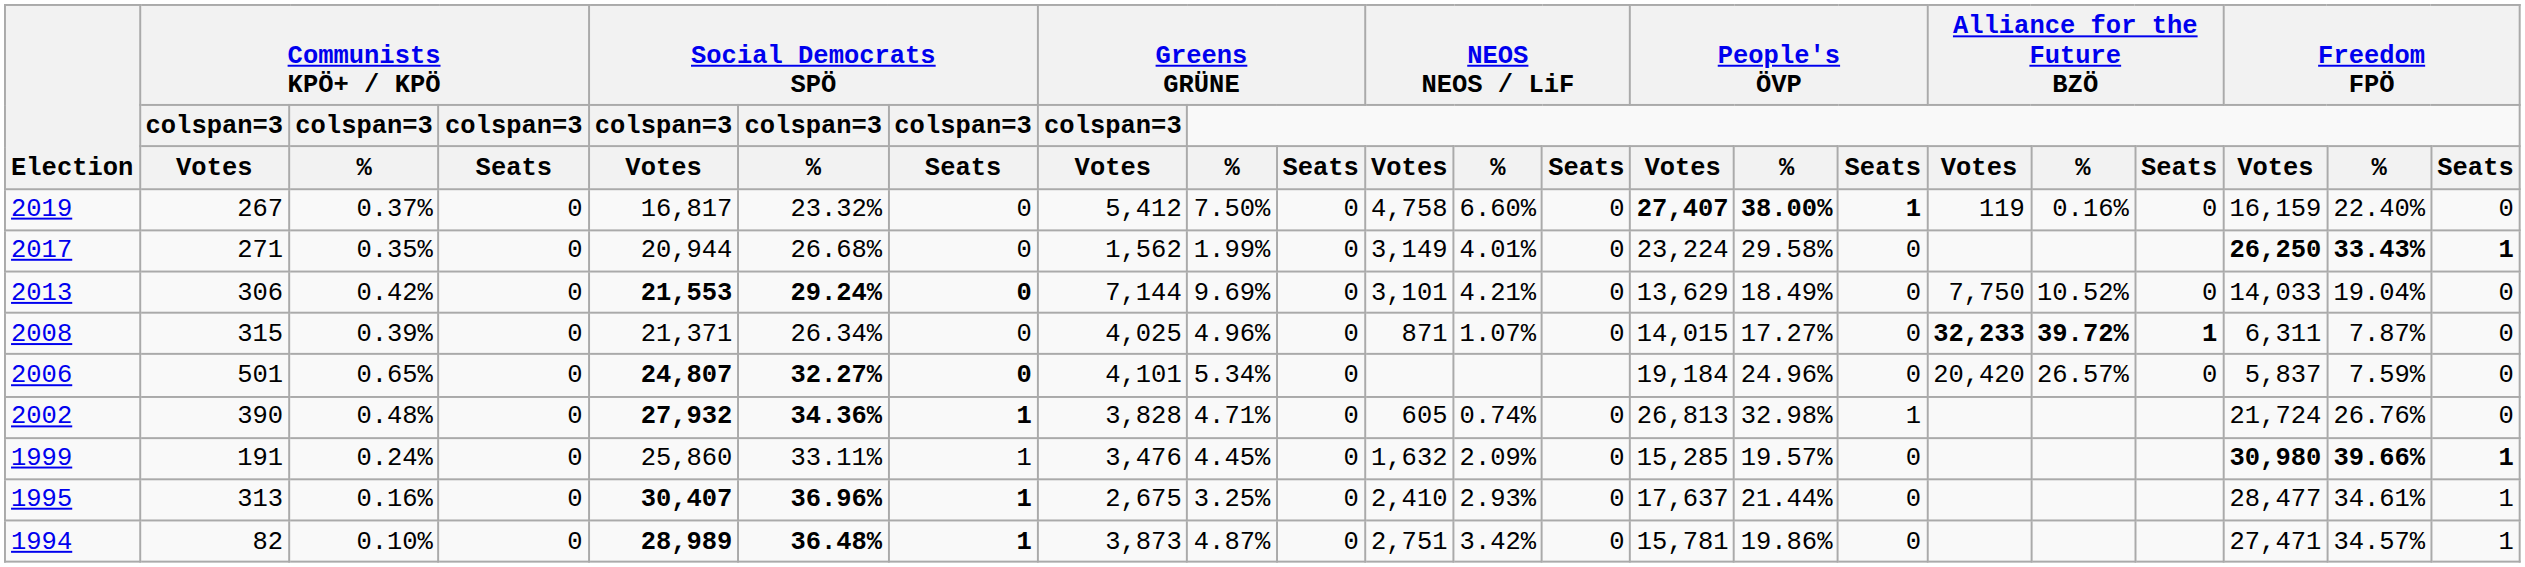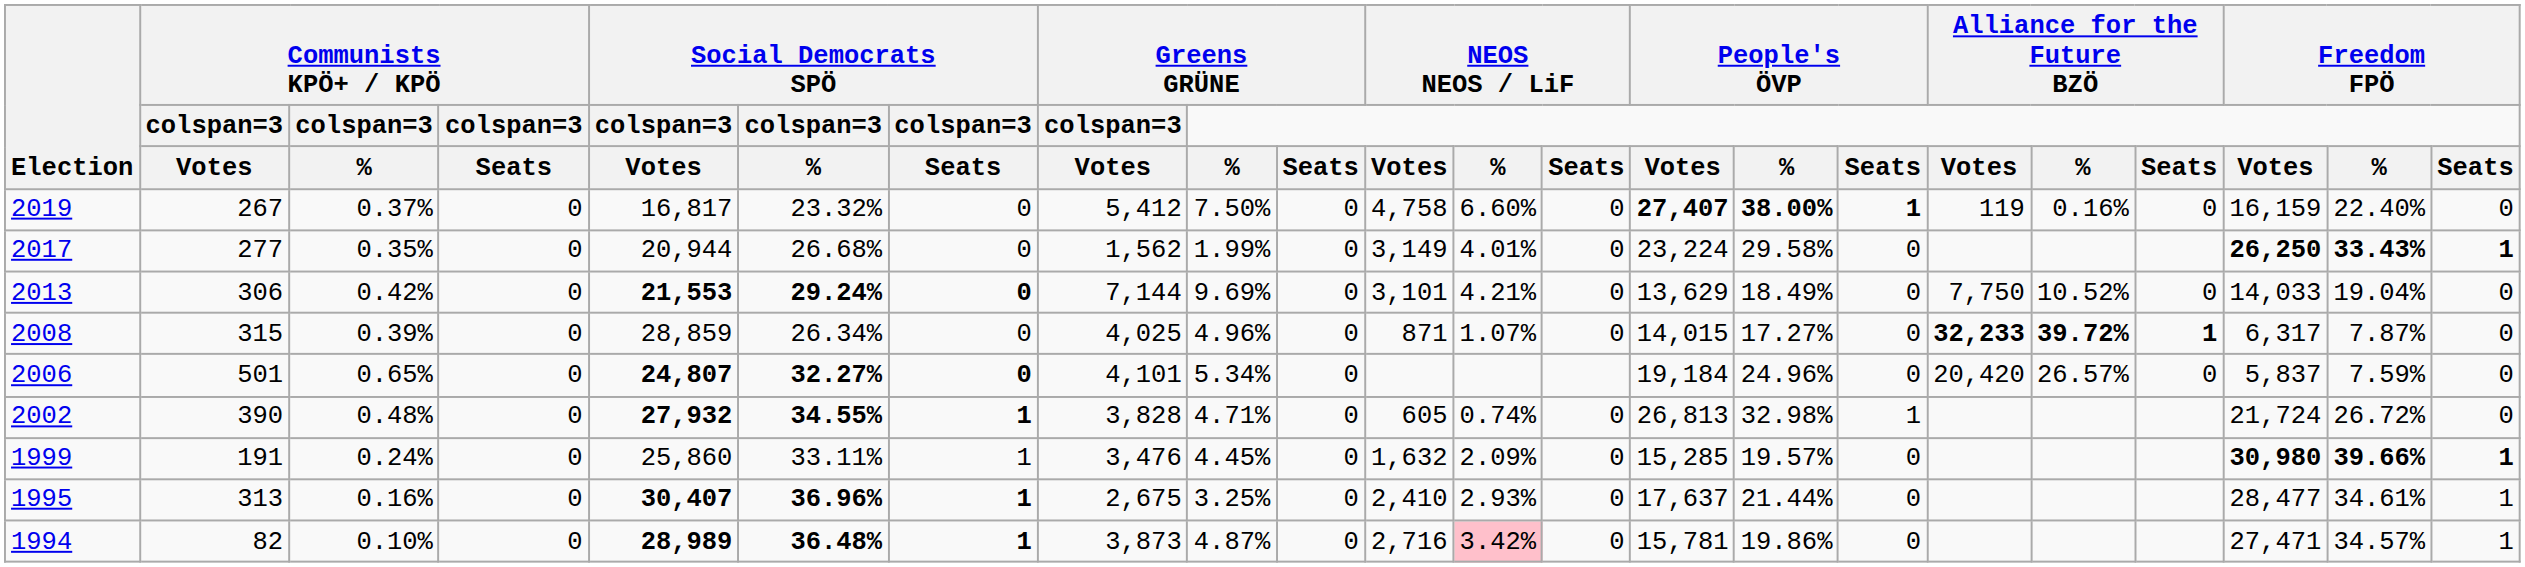 <table class="wikitable" border="1" style="font-size:100%; text-align:right;">
 <tr>
 <th style="text-align:left;" valign=bottom rowspan=3>Election</th>
 <th valign=bottom colspan=3><a href='#'>Communists</a><br>KPÖ+ / KPÖ</th>
 <th valign=bottom colspan=3><a href='#'>Social Democrats</a><br>SPÖ</th>
 <th valign=bottom colspan=3><a href='#'>Greens</a><br>GRÜNE</th>
 <th valign=bottom colspan=3><a href='#'>NEOS</a><br>NEOS / LiF</th>
 <th valign=bottom colspan=3><a href='#'>People's</a><br>ÖVP</th>
 <th valign=bottom colspan=3><a href='#'>Alliance for the Future</a><br>BZÖ</th>
 <th valign=bottom colspan=3><a href='#'>Freedom</a><br>FPÖ</th>
 </tr>
 <tr>
 <th>colspan=3 </th>
 <th>colspan=3 </th>
 <th>colspan=3 </th>
 <th>colspan=3 </th>
 <th>colspan=3 </th>
 <th>colspan=3 </th>
 <th>colspan=3 </th>
 </tr>
 <tr>
 <th>Votes</th>
 <th>%</th>
 <th>Seats</th>
 <th>Votes</th>
 <th>%</th>
 <th>Seats</th>
 <th>Votes</th>
 <th>%</th>
 <th>Seats</th>
 <th>Votes</th>
 <th>%</th>
 <th>Seats</th>
 <th>Votes</th>
 <th>%</th>
 <th>Seats</th>
 <th>Votes</th>
 <th>%</th>
 <th>Seats</th>
 <th>Votes</th>
 <th>%</th>
 <th>Seats</th>
 </tr>
 <tr>
 <td align=left><a href='#'>2019</a></td>
 <td>267</td>
 <td>0.37%</td>
 <td>0</td>
 <td>16,817</td>
 <td>23.32%</td>
 <td>0</td>
 <td>5,412</td>
 <td>7.50%</td>
 <td>0</td>
 <td>4,758</td>
 <td>6.60%</td>
 <td>0</td>
 <td><strong>27,407</strong></td>
 <td><strong>38.00%</strong></td>
 <td><strong>1</strong></td>
 <td>119</td>
 <td>0.16%</td>
 <td>0</td>
 <td>16,159</td>
 <td>22.40%</td>
 <td>0</td>
 </tr>
 <tr>
 <td align=left><a href='#'>2017</a></td>
-<td>271</td>
+<td>277</td>
 <td>0.35%</td>
 <td>0</td>
 <td>20,944</td>
 <td>26.68%</td>
 <td>0</td>
 <td>1,562</td>
 <td>1.99%</td>
 <td>0</td>
 <td>3,149</td>
 <td>4.01%</td>
 <td>0</td>
 <td>23,224</td>
 <td>29.58%</td>
 <td>0</td>
 <td></td>
 <td></td>
 <td></td>
 <td><strong>26,250</strong></td>
 <td><strong>33.43%</strong></td>
 <td><strong>1</strong></td>
 </tr>
 <tr>
 <td align=left><a href='#'>2013</a></td>
 <td>306</td>
 <td>0.42%</td>
 <td>0</td>
 <td><strong>21,553</strong></td>
 <td><strong>29.24%</strong></td>
 <td><strong>0</strong></td>
 <td>7,144</td>
 <td>9.69%</td>
 <td>0</td>
 <td>3,101</td>
 <td>4.21%</td>
 <td>0</td>
 <td>13,629</td>
 <td>18.49%</td>
 <td>0</td>
 <td>7,750</td>
 <td>10.52%</td>
 <td>0</td>
 <td>14,033</td>
 <td>19.04%</td>
 <td>0</td>
 </tr>
 <tr>
 <td align=left><a href='#'>2008</a></td>
 <td>315</td>
 <td>0.39%</td>
 <td>0</td>
-<td>21,371</td>
+<td>28,859</td>
 <td>26.34%</td>
 <td>0</td>
 <td>4,025</td>
 <td>4.96%</td>
 <td>0</td>
 <td>871</td>
 <td>1.07%</td>
 <td>0</td>
 <td>14,015</td>
 <td>17.27%</td>
 <td>0</td>
 <td><strong>32,233</strong></td>
 <td><strong>39.72%</strong></td>
 <td><strong>1</strong></td>
-<td>6,311</td>
+<td>6,317</td>
 <td>7.87%</td>
 <td>0</td>
 </tr>
 <tr>
 <td align=left><a href='#'>2006</a></td>
 <td>501</td>
 <td>0.65%</td>
 <td>0</td>
 <td><strong>24,807</strong></td>
 <td><strong>32.27%</strong></td>
 <td><strong>0</strong></td>
 <td>4,101</td>
 <td>5.34%</td>
 <td>0</td>
 <td></td>
 <td></td>
 <td></td>
 <td>19,184</td>
 <td>24.96%</td>
 <td>0</td>
 <td>20,420</td>
 <td>26.57%</td>
 <td>0</td>
 <td>5,837</td>
 <td>7.59%</td>
 <td>0</td>
 </tr>
 <tr>
 <td align=left><a href='#'>2002</a></td>
 <td>390</td>
 <td>0.48%</td>
 <td>0</td>
 <td><strong>27,932</strong></td>
-<td><strong>34.36%</strong></td>
+<td><strong>34.55%</strong></td>
 <td><strong>1</strong></td>
 <td>3,828</td>
 <td>4.71%</td>
 <td>0</td>
 <td>605</td>
 <td>0.74%</td>
 <td>0</td>
 <td>26,813</td>
 <td>32.98%</td>
 <td>1</td>
 <td></td>
 <td></td>
 <td></td>
 <td>21,724</td>
-<td>26.76%</td>
+<td>26.72%</td>
 <td>0</td>
 </tr>
 <tr>
 <td align=left><a href='#'>1999</a></td>
 <td>191</td>
 <td>0.24%</td>
 <td>0</td>
 <td>25,860</td>
 <td>33.11%</td>
 <td>1</td>
 <td>3,476</td>
 <td>4.45%</td>
 <td>0</td>
 <td>1,632</td>
 <td>2.09%</td>
 <td>0</td>
 <td>15,285</td>
 <td>19.57%</td>
 <td>0</td>
 <td></td>
 <td></td>
 <td></td>
 <td><strong>30,980</strong></td>
 <td><strong>39.66%</strong></td>
 <td><strong>1</strong></td>
 </tr>
 <tr>
 <td align=left><a href='#'>1995</a></td>
 <td>313</td>
 <td>0.16%</td>
 <td>0</td>
 <td><strong>30,407</strong></td>
 <td><strong>36.96%</strong></td>
 <td><strong>1</strong></td>
 <td>2,675</td>
 <td>3.25%</td>
 <td>0</td>
 <td>2,410</td>
 <td>2.93%</td>
 <td>0</td>
 <td>17,637</td>
 <td>21.44%</td>
 <td>0</td>
 <td></td>
 <td></td>
 <td></td>
 <td>28,477</td>
 <td>34.61%</td>
 <td>1</td>
 </tr>
 <tr>
 <td align=left><a href='#'>1994</a></td>
 <td>82</td>
 <td>0.10%</td>
 <td>0</td>
 <td><strong>28,989</strong></td>
 <td><strong>36.48%</strong></td>
 <td><strong>1</strong></td>
 <td>3,873</td>
 <td>4.87%</td>
 <td>0</td>
-<td>2,751</td>
-<td>3.42%</td>
+<td>2,716</td>
+<td style="background: pink;">3.42%</td>
 <td>0</td>
 <td>15,781</td>
 <td>19.86%</td>
 <td>0</td>
 <td></td>
 <td></td>
 <td></td>
 <td>27,471</td>
 <td>34.57%</td>
 <td>1</td>
 </tr>
 </table>
